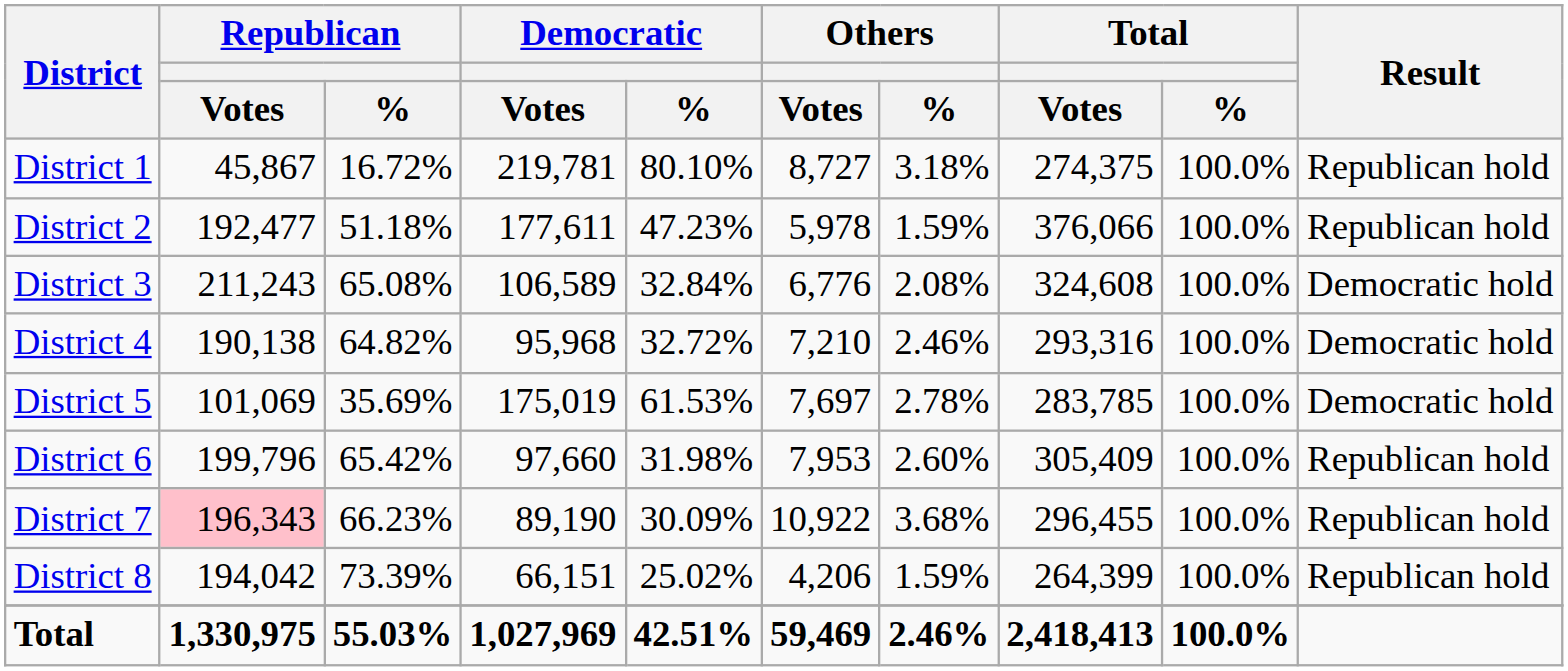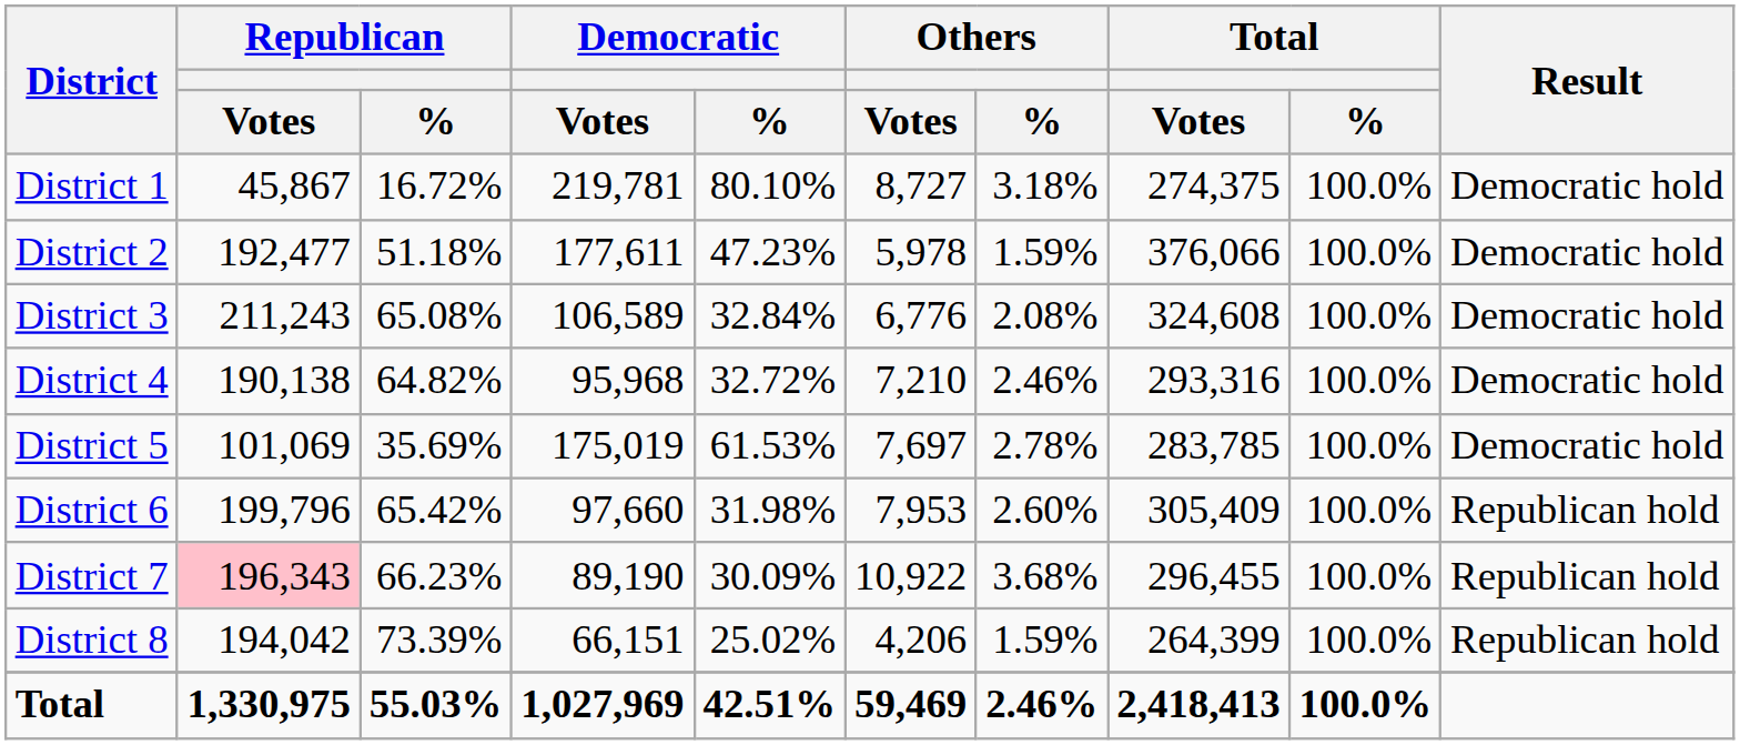 <table class="wikitable plainrowheaders sortable" style="font-size:100%; text-align:right;">
 <tr>
 <th scope=col rowspan=3><a href='#'>District</a></th>
 <th scope=col colspan=2><a href='#'>Republican</a></th>
 <th scope=col colspan=2><a href='#'>Democratic</a></th>
 <th scope=col colspan=2>Others</th>
 <th scope=col colspan=2>Total</th>
 <th scope=col rowspan=3>Result</th>
 </tr>
 <tr>
 <th scope=col colspan=2 style="background:"></th>
 <th scope=col colspan=2 style="background:"></th>
 <th scope=col colspan=2></th>
 <th scope=col colspan=2></th>
 </tr>
 <tr>
 <th scope=col data-sort-type="number">Votes</th>
 <th scope=col data-sort-type="number">%</th>
 <th scope=col data-sort-type="number">Votes</th>
 <th scope=col data-sort-type="number">%</th>
 <th scope=col data-sort-type="number">Votes</th>
 <th scope=col data-sort-type="number">%</th>
 <th scope=col data-sort-type="number">Votes</th>
 <th scope=col data-sort-type="number">%</th>
 </tr>
 <tr>
 <td align=left><a href='#'>District 1</a></td>
 <td>45,867</td>
 <td>16.72%</td>
 <td>219,781</td>
 <td>80.10%</td>
 <td>8,727</td>
 <td>3.18%</td>
 <td>274,375</td>
 <td>100.0%</td>
-<td align=left>Republican hold</td>
+<td align=left>Democratic hold</td>
 </tr>
 <tr>
 <td align=left><a href='#'>District 2</a></td>
 <td>192,477</td>
 <td>51.18%</td>
 <td>177,611</td>
 <td>47.23%</td>
 <td>5,978</td>
 <td>1.59%</td>
 <td>376,066</td>
 <td>100.0%</td>
-<td align=left>Republican hold</td>
+<td align=left>Democratic hold</td>
 </tr>
 <tr>
 <td align=left><a href='#'>District 3</a></td>
 <td>211,243</td>
 <td>65.08%</td>
 <td>106,589</td>
 <td>32.84%</td>
 <td>6,776</td>
 <td>2.08%</td>
 <td>324,608</td>
 <td>100.0%</td>
 <td align=left>Democratic hold</td>
 </tr>
 <tr>
 <td align=left><a href='#'>District 4</a></td>
 <td>190,138</td>
 <td>64.82%</td>
 <td>95,968</td>
 <td>32.72%</td>
 <td>7,210</td>
 <td>2.46%</td>
 <td>293,316</td>
 <td>100.0%</td>
 <td align=left>Democratic hold</td>
 </tr>
 <tr>
 <td align=left><a href='#'>District 5</a></td>
 <td>101,069</td>
 <td>35.69%</td>
 <td>175,019</td>
 <td>61.53%</td>
 <td>7,697</td>
 <td>2.78%</td>
 <td>283,785</td>
 <td>100.0%</td>
 <td align=left>Democratic hold</td>
 </tr>
 <tr>
 <td align=left><a href='#'>District 6</a></td>
 <td>199,796</td>
 <td>65.42%</td>
 <td>97,660</td>
 <td>31.98%</td>
 <td>7,953</td>
 <td>2.60%</td>
 <td>305,409</td>
 <td>100.0%</td>
 <td align=left>Republican hold</td>
 </tr>
 <tr>
 <td align=left><a href='#'>District 7</a></td>
 <td style="background: pink;">196,343</td>
 <td>66.23%</td>
 <td>89,190</td>
 <td>30.09%</td>
 <td>10,922</td>
 <td>3.68%</td>
 <td>296,455</td>
 <td>100.0%</td>
 <td align=left>Republican hold</td>
 </tr>
 <tr>
 <td align=left><a href='#'>District 8</a></td>
 <td>194,042</td>
 <td>73.39%</td>
 <td>66,151</td>
 <td>25.02%</td>
 <td>4,206</td>
 <td>1.59%</td>
 <td>264,399</td>
 <td>100.0%</td>
 <td align=left>Republican hold</td>
 </tr>
 <tr>
 </tr>
 <tr class="sortbottom" style="font-weight:bold">
 <td align=left>Total</td>
 <td>1,330,975</td>
 <td>55.03%</td>
 <td>1,027,969</td>
 <td>42.51%</td>
 <td>59,469</td>
 <td>2.46%</td>
 <td>2,418,413</td>
 <td>100.0%</td>
 <td></td>
 </tr>
 </table>
